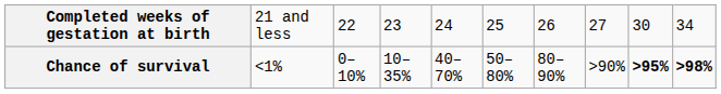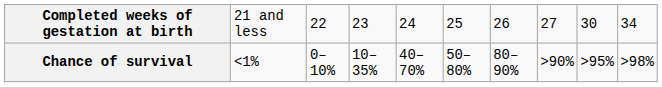 <table class="wikitable">
 <tr>
 <th>Completed weeks of gestation at birth</th>
 <td>21 and less</td>
 <td>22</td>
 <td>23</td>
 <td>24</td>
 <td>25</td>
 <td>26</td>
 <td>27</td>
 <td>30</td>
 <td>34</td>
 </tr>
 <tr>
 <th>Chance of survival</th>
 <td><1%</td>
 <td>0–10%</td>
 <td>10–35%</td>
 <td>40–70%</td>
 <td>50–80%</td>
 <td>80–90%</td>
 <td>>90%</td>
-<td><strong>>95%</strong></td>
-<td><strong>>98%</strong></td>
+<td>>95%</td>
+<td>>98%</td>
 </tr>
 </table>
